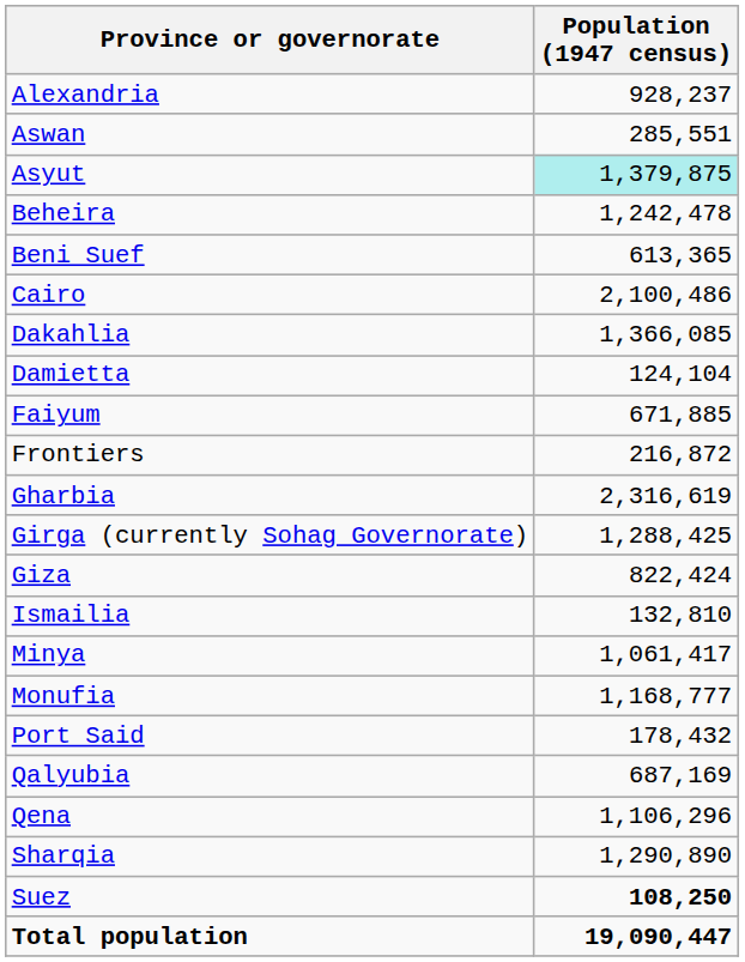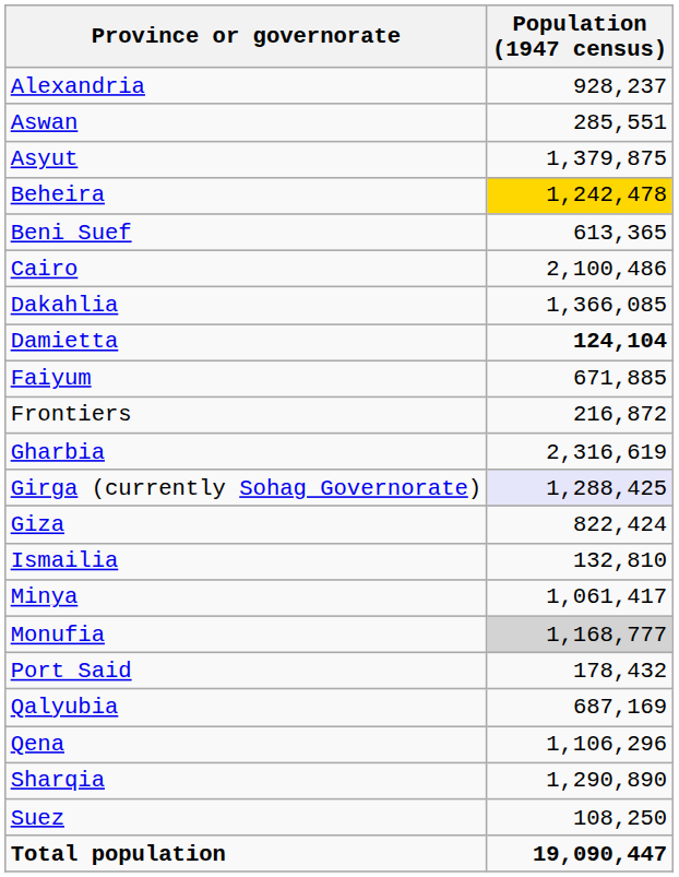 <table class="wikitable sortable">
 <tr>
 <th>Province or governorate</th>
 <th>Population<br>(1947 census)</th>
 </tr>
 <tr>
 <td><a href='#'>Alexandria</a></td>
 <td align="right">928,237</td>
 </tr>
 <tr>
 <td><a href='#'>Aswan</a></td>
 <td align="right">285,551</td>
 </tr>
 <tr>
 <td><a href='#'>Asyut</a></td>
-<td align="right" style="background: paleturquoise;">1,379,875</td>
+<td align="right">1,379,875</td>
 </tr>
 <tr>
 <td><a href='#'>Beheira</a></td>
-<td align="right">1,242,478</td>
+<td align="right" style="background: gold;">1,242,478</td>
 </tr>
 <tr>
 <td><a href='#'>Beni Suef</a></td>
 <td align="right">613,365</td>
 </tr>
 <tr>
 <td><a href='#'>Cairo</a></td>
 <td align="right">2,100,486</td>
 </tr>
 <tr>
 <td><a href='#'>Dakahlia</a></td>
 <td align="right">1,366,085</td>
 </tr>
 <tr>
 <td><a href='#'>Damietta</a></td>
-<td align="right">124,104</td>
+<td align="right"><strong>124,104</strong></td>
 </tr>
 <tr>
 <td><a href='#'>Faiyum</a></td>
 <td align="right">671,885</td>
 </tr>
 <tr>
 <td>Frontiers</td>
 <td align="right">216,872</td>
 </tr>
 <tr>
 <td><a href='#'>Gharbia</a></td>
 <td align="right">2,316,619</td>
 </tr>
 <tr>
 <td><a href='#'>Girga</a> (currently <a href='#'>Sohag Governorate</a>)</td>
-<td align="right">1,288,425</td>
+<td align="right" style="background: lavender;">1,288,425</td>
 </tr>
 <tr>
 <td><a href='#'>Giza</a></td>
 <td align="right">822,424</td>
 </tr>
 <tr>
 <td><a href='#'>Ismailia</a></td>
 <td align="right">132,810</td>
 </tr>
 <tr>
 <td><a href='#'>Minya</a></td>
 <td align="right">1,061,417</td>
 </tr>
 <tr>
 <td><a href='#'>Monufia</a></td>
-<td align="right">1,168,777</td>
+<td align="right" style="background: lightgrey;">1,168,777</td>
 </tr>
 <tr>
 <td><a href='#'>Port Said</a></td>
 <td align="right">178,432</td>
 </tr>
 <tr>
 <td><a href='#'>Qalyubia</a></td>
 <td align="right">687,169</td>
 </tr>
 <tr>
 <td><a href='#'>Qena</a></td>
 <td align="right">1,106,296</td>
 </tr>
 <tr>
 <td><a href='#'>Sharqia</a></td>
 <td align="right">1,290,890</td>
 </tr>
 <tr>
 <td><a href='#'>Suez</a></td>
-<td align="right"><strong>108,250</strong></td>
+<td align="right">108,250</td>
 </tr>
 <tr>
 <td><strong>Total population</strong></td>
 <td align="right"><strong>19,090,447</strong></td>
 </tr>
 </table>
